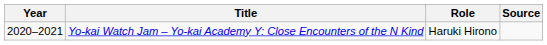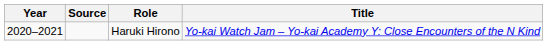 <table class="wikitable sortable plainrowheaders">
 <tr>
 <th>Year</th>
+<th class="unsortable">Source</th>
+<th>Role</th>
 <th>Title</th>
-<th>Role</th>
-<th class="unsortable">Source</th>
 </tr>
 <tr>
 <td>2020–2021</td>
+<td></td>
+<td>Haruki Hirono</td>
 <td><em><a href='#'>Yo-kai Watch Jam – Yo-kai Academy Y: Close Encounters of the N Kind</a></em></td>
-<td>Haruki Hirono</td>
-<td></td>
 </tr>
 </table>
